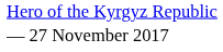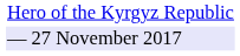 <table>
 <tr>
 <td rowspan=2 style="width:60px; vertical-align:top;"></td>
 <td><a href='#'>Hero of the Kyrgyz Republic</a></td>
 </tr>
 <tr>
-<td>— 27 November 2017</td>
+<td style="background: lavender;">— 27 November 2017</td>
 </tr>
 </table>
